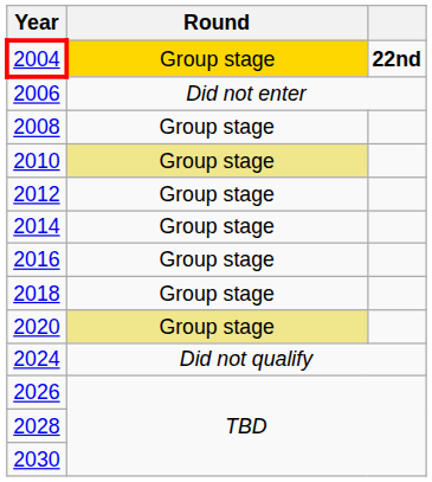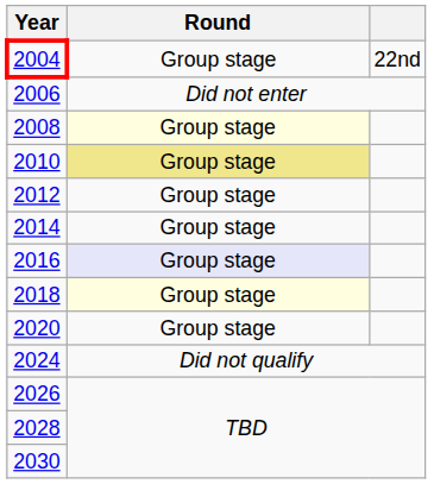 <table class="wikitable" style="text-align: center; font-size:90%">
 <tr>
 <th>Year</th>
 <th style="width:200px">Round</th>
 <th></th>
 </tr>
 <tr>
 <td style="border: 3px solid red"><a href='#'>2004</a></td>
-<td style="background: gold;">Group stage</td>
-<td><strong>22nd</strong></td>
+<td>Group stage</td>
+<td>22nd</td>
 </tr>
 <tr>
 <td><a href='#'>2006</a></td>
 <td colspan="2"><em>Did not enter</em></td>
 </tr>
 <tr>
 <td><a href='#'>2008</a></td>
-<td>Group stage</td>
+<td style="background: lightyellow;">Group stage</td>
 <td></td>
 </tr>
 <tr>
 <td><a href='#'>2010</a></td>
 <td style="background: khaki;">Group stage</td>
 <td></td>
 </tr>
 <tr>
 <td><a href='#'>2012</a></td>
 <td>Group stage</td>
 <td></td>
 </tr>
 <tr>
 <td><a href='#'>2014</a></td>
 <td>Group stage</td>
 <td></td>
 </tr>
 <tr>
 <td><a href='#'>2016</a></td>
-<td>Group stage</td>
+<td style="background: lavender;">Group stage</td>
 <td></td>
 </tr>
 <tr>
 <td><a href='#'>2018</a></td>
-<td>Group stage</td>
+<td style="background: lightyellow;">Group stage</td>
 <td></td>
 </tr>
 <tr>
 <td><a href='#'>2020</a></td>
-<td style="background: khaki;">Group stage</td>
+<td>Group stage</td>
 <td></td>
 </tr>
 <tr>
 <td><a href='#'>2024</a></td>
 <td colspan="2"><em>Did not qualify</em></td>
 </tr>
 <tr>
 <td><a href='#'>2026</a></td>
 <td colspan="2" rowspan="3"><em>TBD</em></td>
 </tr>
 <tr>
 <td><a href='#'>2028</a></td>
 </tr>
 <tr>
 <td><a href='#'>2030</a></td>
 </tr>
 </table>
